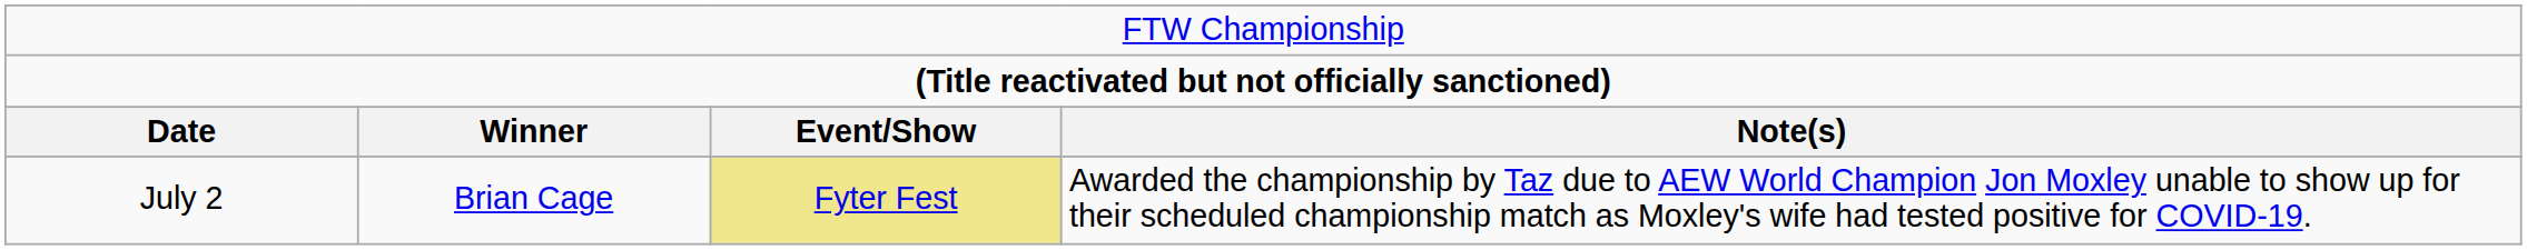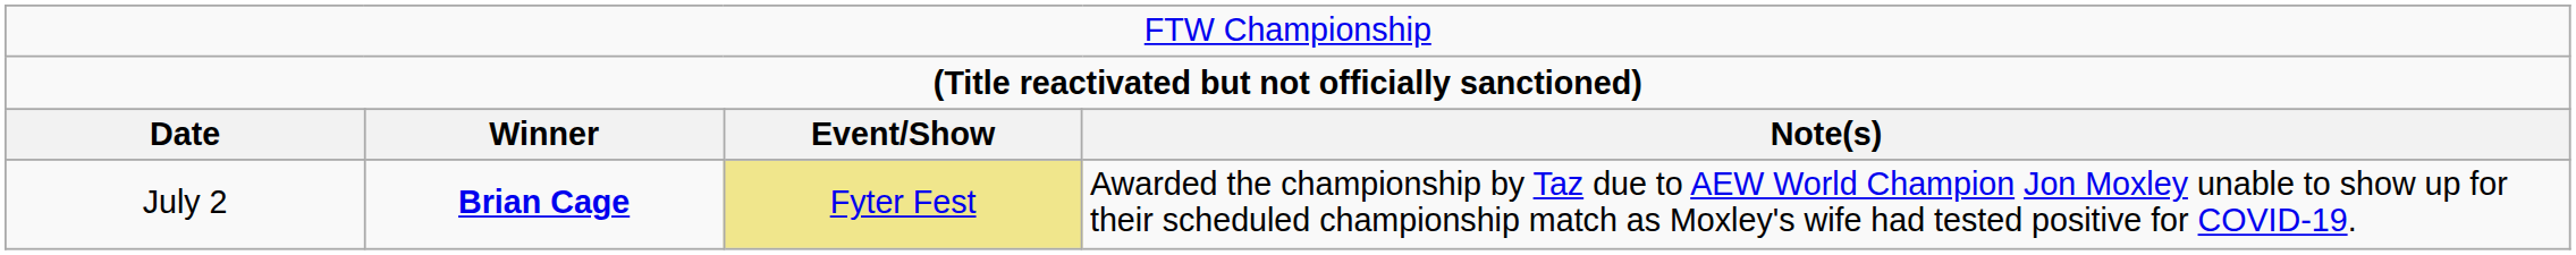 <table class="wikitable" style="text-align:center; width:100%;">
 <tr>
 <td colspan="4" style="text-align: center;"><a href='#'>FTW Championship</a></td>
 </tr>
 <tr>
 <td colspan="4" style="text-align: center;"><strong>(Title reactivated but not officially sanctioned)</strong></td>
 </tr>
 <tr>
 <th width=14%>Date</th>
 <th width=14%>Winner</th>
 <th width=14%>Event/Show</th>
 <th width=58%>Note(s)</th>
 </tr>
 <tr>
 <td>July 2<br></td>
-<td><a href='#'>Brian Cage</a></td>
+<td><strong><a href='#'>Brian Cage</a></strong></td>
 <td style="background: khaki;"><a href='#'>Fyter Fest</a><br></td>
 <td align=left>Awarded the championship by <a href='#'>Taz</a> due to <a href='#'>AEW World Champion</a> <a href='#'>Jon Moxley</a> unable to show up for their scheduled championship match as Moxley's wife had tested positive for <a href='#'>COVID-19</a>.</td>
 </tr>
 </table>
